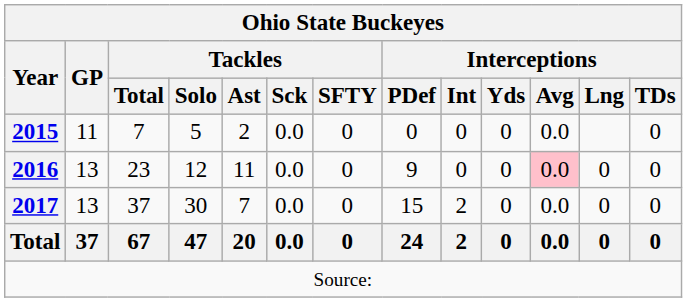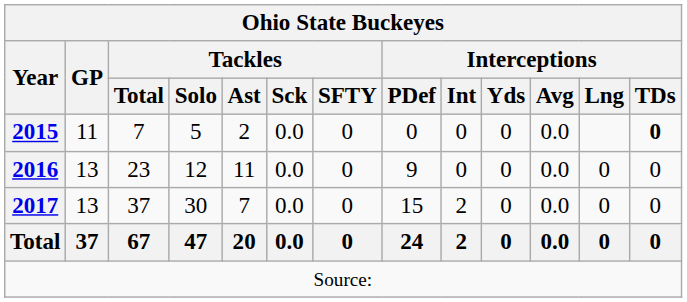 <table class="wikitable" style="text-align: center;">
 <tr>
 <th colspan="15">Ohio State Buckeyes</th>
 </tr>
 <tr>
 <th rowspan="2">Year</th>
 <th rowspan="2">GP</th>
 <th colspan=5>Tackles</th>
 <th colspan=6>Interceptions</th>
 </tr>
 <tr>
 <th>Total</th>
 <th>Solo</th>
 <th>Ast</th>
 <th>Sck</th>
 <th>SFTY</th>
 <th>PDef</th>
 <th>Int</th>
 <th>Yds</th>
 <th>Avg</th>
 <th>Lng</th>
 <th>TDs</th>
 </tr>
 <tr>
 <th><a href='#'>2015</a></th>
 <td>11</td>
 <td>7</td>
 <td>5</td>
 <td>2</td>
 <td>0.0</td>
 <td>0</td>
 <td>0</td>
 <td>0</td>
 <td>0</td>
 <td>0.0</td>
 <td></td>
-<td>0</td>
+<td><strong>0</strong></td>
 </tr>
 <tr>
 <th><a href='#'>2016</a></th>
 <td>13</td>
 <td>23</td>
 <td>12</td>
 <td>11</td>
 <td>0.0</td>
 <td>0</td>
 <td>9</td>
 <td>0</td>
 <td>0</td>
-<td style="background: pink;">0.0</td>
+<td>0.0</td>
 <td>0</td>
 <td>0</td>
 </tr>
 <tr>
 <th><a href='#'>2017</a></th>
 <td>13</td>
 <td>37</td>
 <td>30</td>
 <td>7</td>
 <td>0.0</td>
 <td>0</td>
 <td>15</td>
 <td>2</td>
 <td>0</td>
 <td>0.0</td>
 <td>0</td>
 <td>0</td>
 </tr>
 <tr>
 <th>Total</th>
 <th>37</th>
 <th>67</th>
 <th>47</th>
 <th>20</th>
 <th>0.0</th>
 <th>0</th>
 <th>24</th>
 <th>2</th>
 <th>0</th>
 <th>0.0</th>
 <th>0</th>
 <th>0</th>
 </tr>
 <tr>
 <td colspan="15"><small>Source: </small></td>
 </tr>
 </table>
